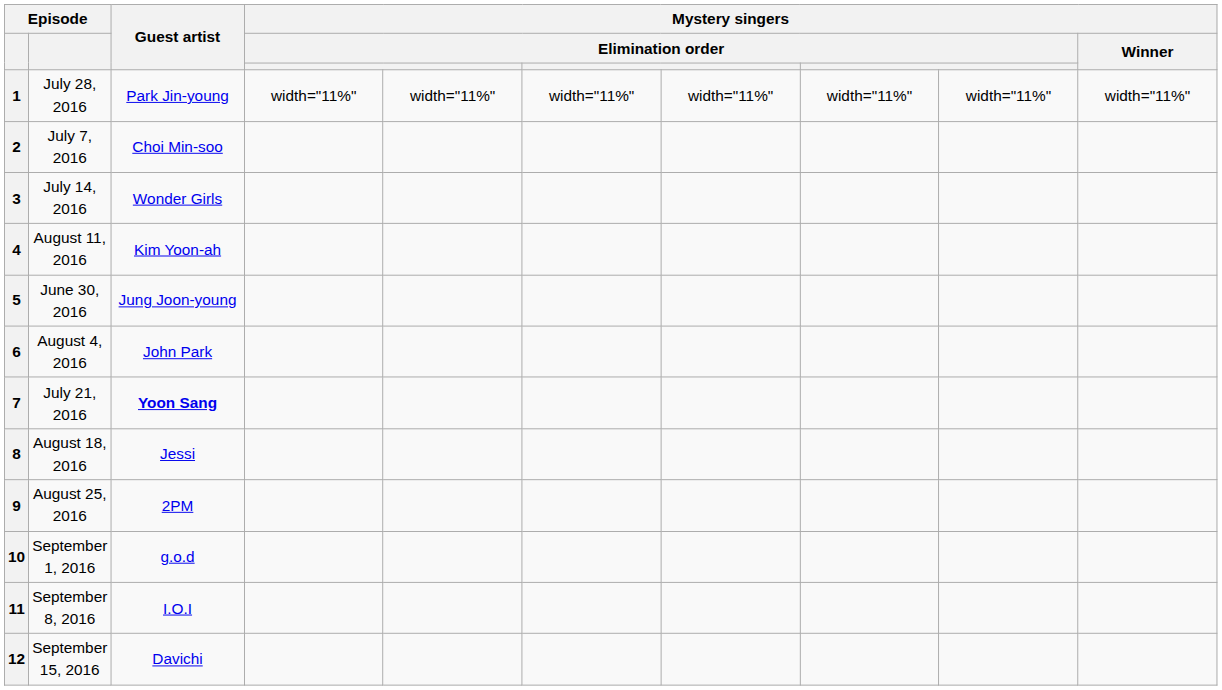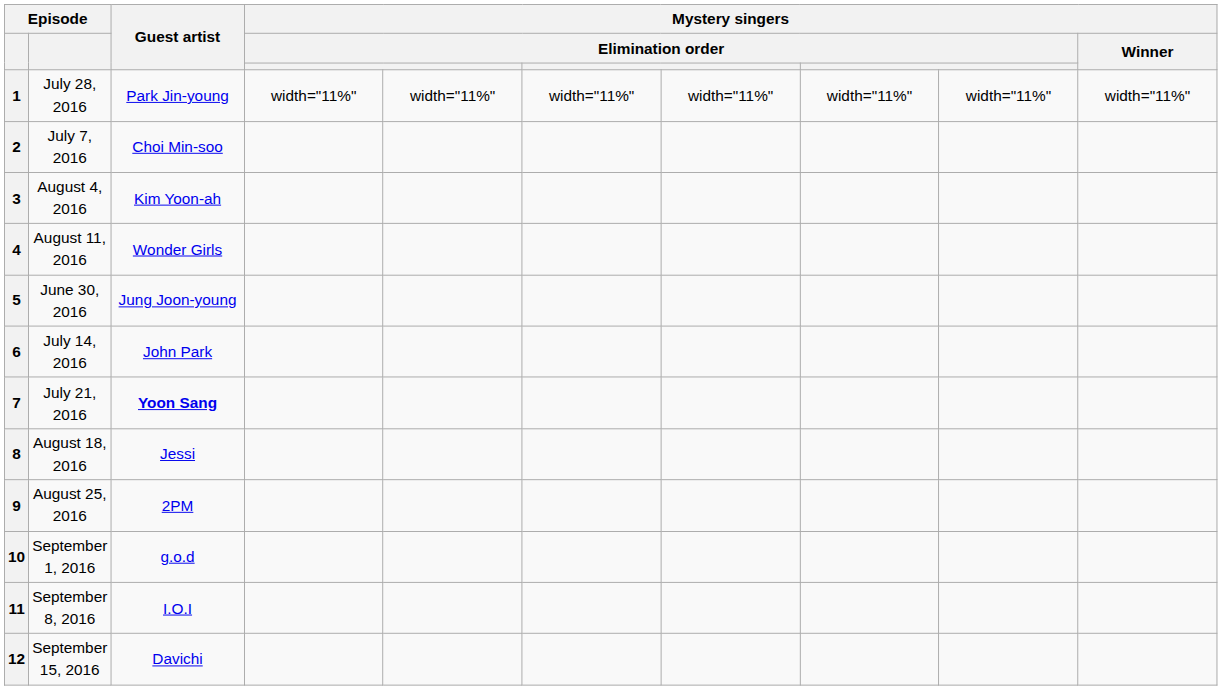 <table class="wikitable plainrowheaders mw-collapsible" style="text-align:center; line-height:23px; width:100%;">
 <tr>
 <th colspan="2" width="1%">Episode</th>
 <th rowspan="3" width="11%">Guest artist</th>
 <th colspan="7">Mystery singers<br></th>
 </tr>
 <tr>
 <th rowspan="2"></th>
 <th rowspan="2"></th>
 <th colspan="6">Elimination order</th>
 <th rowspan="2">Winner</th>
 </tr>
 <tr>
 <th colspan="2"></th>
 <th colspan="2"></th>
 <th colspan="2"></th>
 </tr>
 <tr>
 <th>1</th>
 <td>July 28, 2016</td>
 <td><a href='#'>Park Jin-young</a><br></td>
 <td>width="11%" </td>
 <td>width="11%" </td>
 <td>width="11%" </td>
 <td>width="11%" </td>
 <td>width="11%" </td>
 <td>width="11%" </td>
 <td>width="11%" </td>
 </tr>
 <tr>
 <th>2</th>
 <td>July 7, 2016</td>
 <td><a href='#'>Choi Min-soo</a><br></td>
 <td></td>
 <td></td>
 <td></td>
 <td></td>
 <td></td>
 <td></td>
 <td></td>
 </tr>
 <tr>
 <th>3</th>
-<td>July 14, 2016</td>
-<td><a href='#'>Wonder Girls</a><br></td>
+<td>August 4, 2016</td>
+<td><a href='#'>Kim Yoon-ah</a><br></td>
 <td></td>
 <td></td>
 <td></td>
 <td></td>
 <td></td>
 <td></td>
 <td></td>
 </tr>
 <tr>
 <th>4</th>
 <td>August 11, 2016</td>
-<td><a href='#'>Kim Yoon-ah</a><br></td>
+<td><a href='#'>Wonder Girls</a><br></td>
 <td></td>
 <td></td>
 <td></td>
 <td></td>
 <td></td>
 <td></td>
 <td></td>
 </tr>
 <tr>
 <th>5</th>
 <td>June 30, 2016</td>
 <td><a href='#'>Jung Joon-young</a><br></td>
 <td></td>
 <td></td>
 <td></td>
 <td></td>
 <td></td>
 <td></td>
 <td></td>
 </tr>
 <tr>
 <th>6</th>
-<td>August 4, 2016</td>
+<td>July 14, 2016</td>
 <td><a href='#'>John Park</a><br></td>
 <td></td>
 <td></td>
 <td></td>
 <td></td>
 <td></td>
 <td></td>
 <td></td>
 </tr>
 <tr>
 <th>7</th>
 <td>July 21, 2016</td>
 <td><strong><a href='#'>Yoon Sang</a><br></strong></td>
 <td></td>
 <td></td>
 <td></td>
 <td></td>
 <td></td>
 <td></td>
 <td></td>
 </tr>
 <tr>
 <th>8</th>
 <td>August 18, 2016</td>
 <td><a href='#'>Jessi</a></td>
 <td></td>
 <td></td>
 <td></td>
 <td></td>
 <td></td>
 <td></td>
 <td></td>
 </tr>
 <tr>
 <th>9</th>
 <td>August 25, 2016</td>
 <td><a href='#'>2PM</a><br></td>
 <td></td>
 <td></td>
 <td></td>
 <td></td>
 <td></td>
 <td></td>
 <td></td>
 </tr>
 <tr>
 <th>10</th>
 <td>September 1, 2016</td>
 <td><a href='#'>g.o.d</a></td>
 <td></td>
 <td></td>
 <td></td>
 <td></td>
 <td></td>
 <td></td>
 <td></td>
 </tr>
 <tr>
 <th>11</th>
 <td>September 8, 2016</td>
 <td><a href='#'>I.O.I</a><br></td>
 <td></td>
 <td></td>
 <td></td>
 <td></td>
 <td></td>
 <td></td>
 <td></td>
 </tr>
 <tr>
 <th>12</th>
 <td>September 15, 2016</td>
 <td><a href='#'>Davichi</a><br></td>
 <td></td>
 <td></td>
 <td></td>
 <td></td>
 <td></td>
 <td></td>
 <td></td>
 </tr>
 </table>
